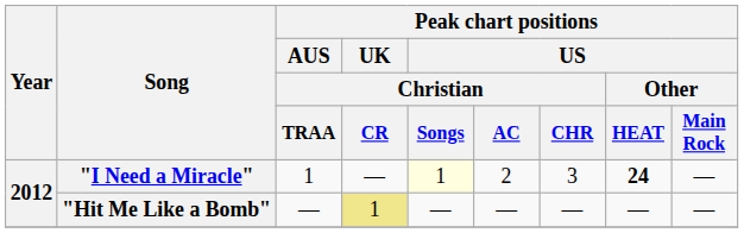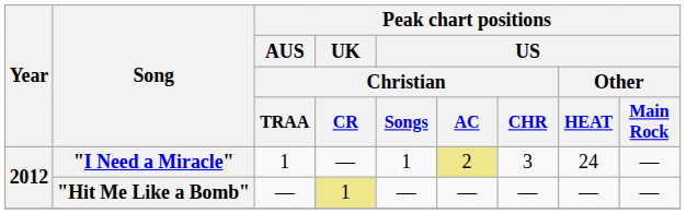 <table class="wikitable plainrowheaders" style="text-align:center;">
 <tr>
 <th scope="col" rowspan="4">Year</th>
 <th scope="col" rowspan="4">Song</th>
 <th scope="col" colspan="7">Peak chart positions</th>
 </tr>
 <tr>
 <th scope="col" colspan="1">AUS</th>
 <th scope="col" colspan="1">UK</th>
 <th scope="col" colspan="5">US</th>
 </tr>
 <tr>
 <th scope="col" colspan="5">Christian</th>
 <th scope="col" colspan="2">Other</th>
 </tr>
 <tr>
 <th style="width:3em; font-size:90%">TRAA</th>
 <th style="width:3em; font-size:90%"><a href='#'>CR</a></th>
 <th style="width:3em; font-size:90%"><a href='#'>Songs</a><br></th>
 <th style="width:3em; font-size:90%"><a href='#'>AC</a><br></th>
 <th style="width:3em; font-size:90%"><a href='#'>CHR</a><br></th>
 <th style="width:3em; font-size:90%"><a href='#'>HEAT</a></th>
 <th style="width:3em; font-size:90%"><a href='#'>Main Rock</a></th>
 </tr>
 <tr>
 <th scope="row" rowspan="2">2012</th>
 <th scope="row">"<a href='#'>I Need a Miracle</a>"</th>
 <td>1</td>
 <td>—</td>
-<td style="background: lightyellow;">1</td>
-<td>2</td>
+<td>1</td>
+<td style="background: khaki;">2</td>
 <td>3</td>
-<td><strong>24</strong></td>
+<td>24</td>
 <td>—</td>
 </tr>
 <tr>
 <th scope="row">"Hit Me Like a Bomb"</th>
 <td>—</td>
 <td style="background: khaki;">1</td>
 <td>—</td>
 <td>—</td>
 <td>—</td>
 <td>—</td>
 <td>—</td>
 </tr>
 <tr>
 </tr>
 </table>
